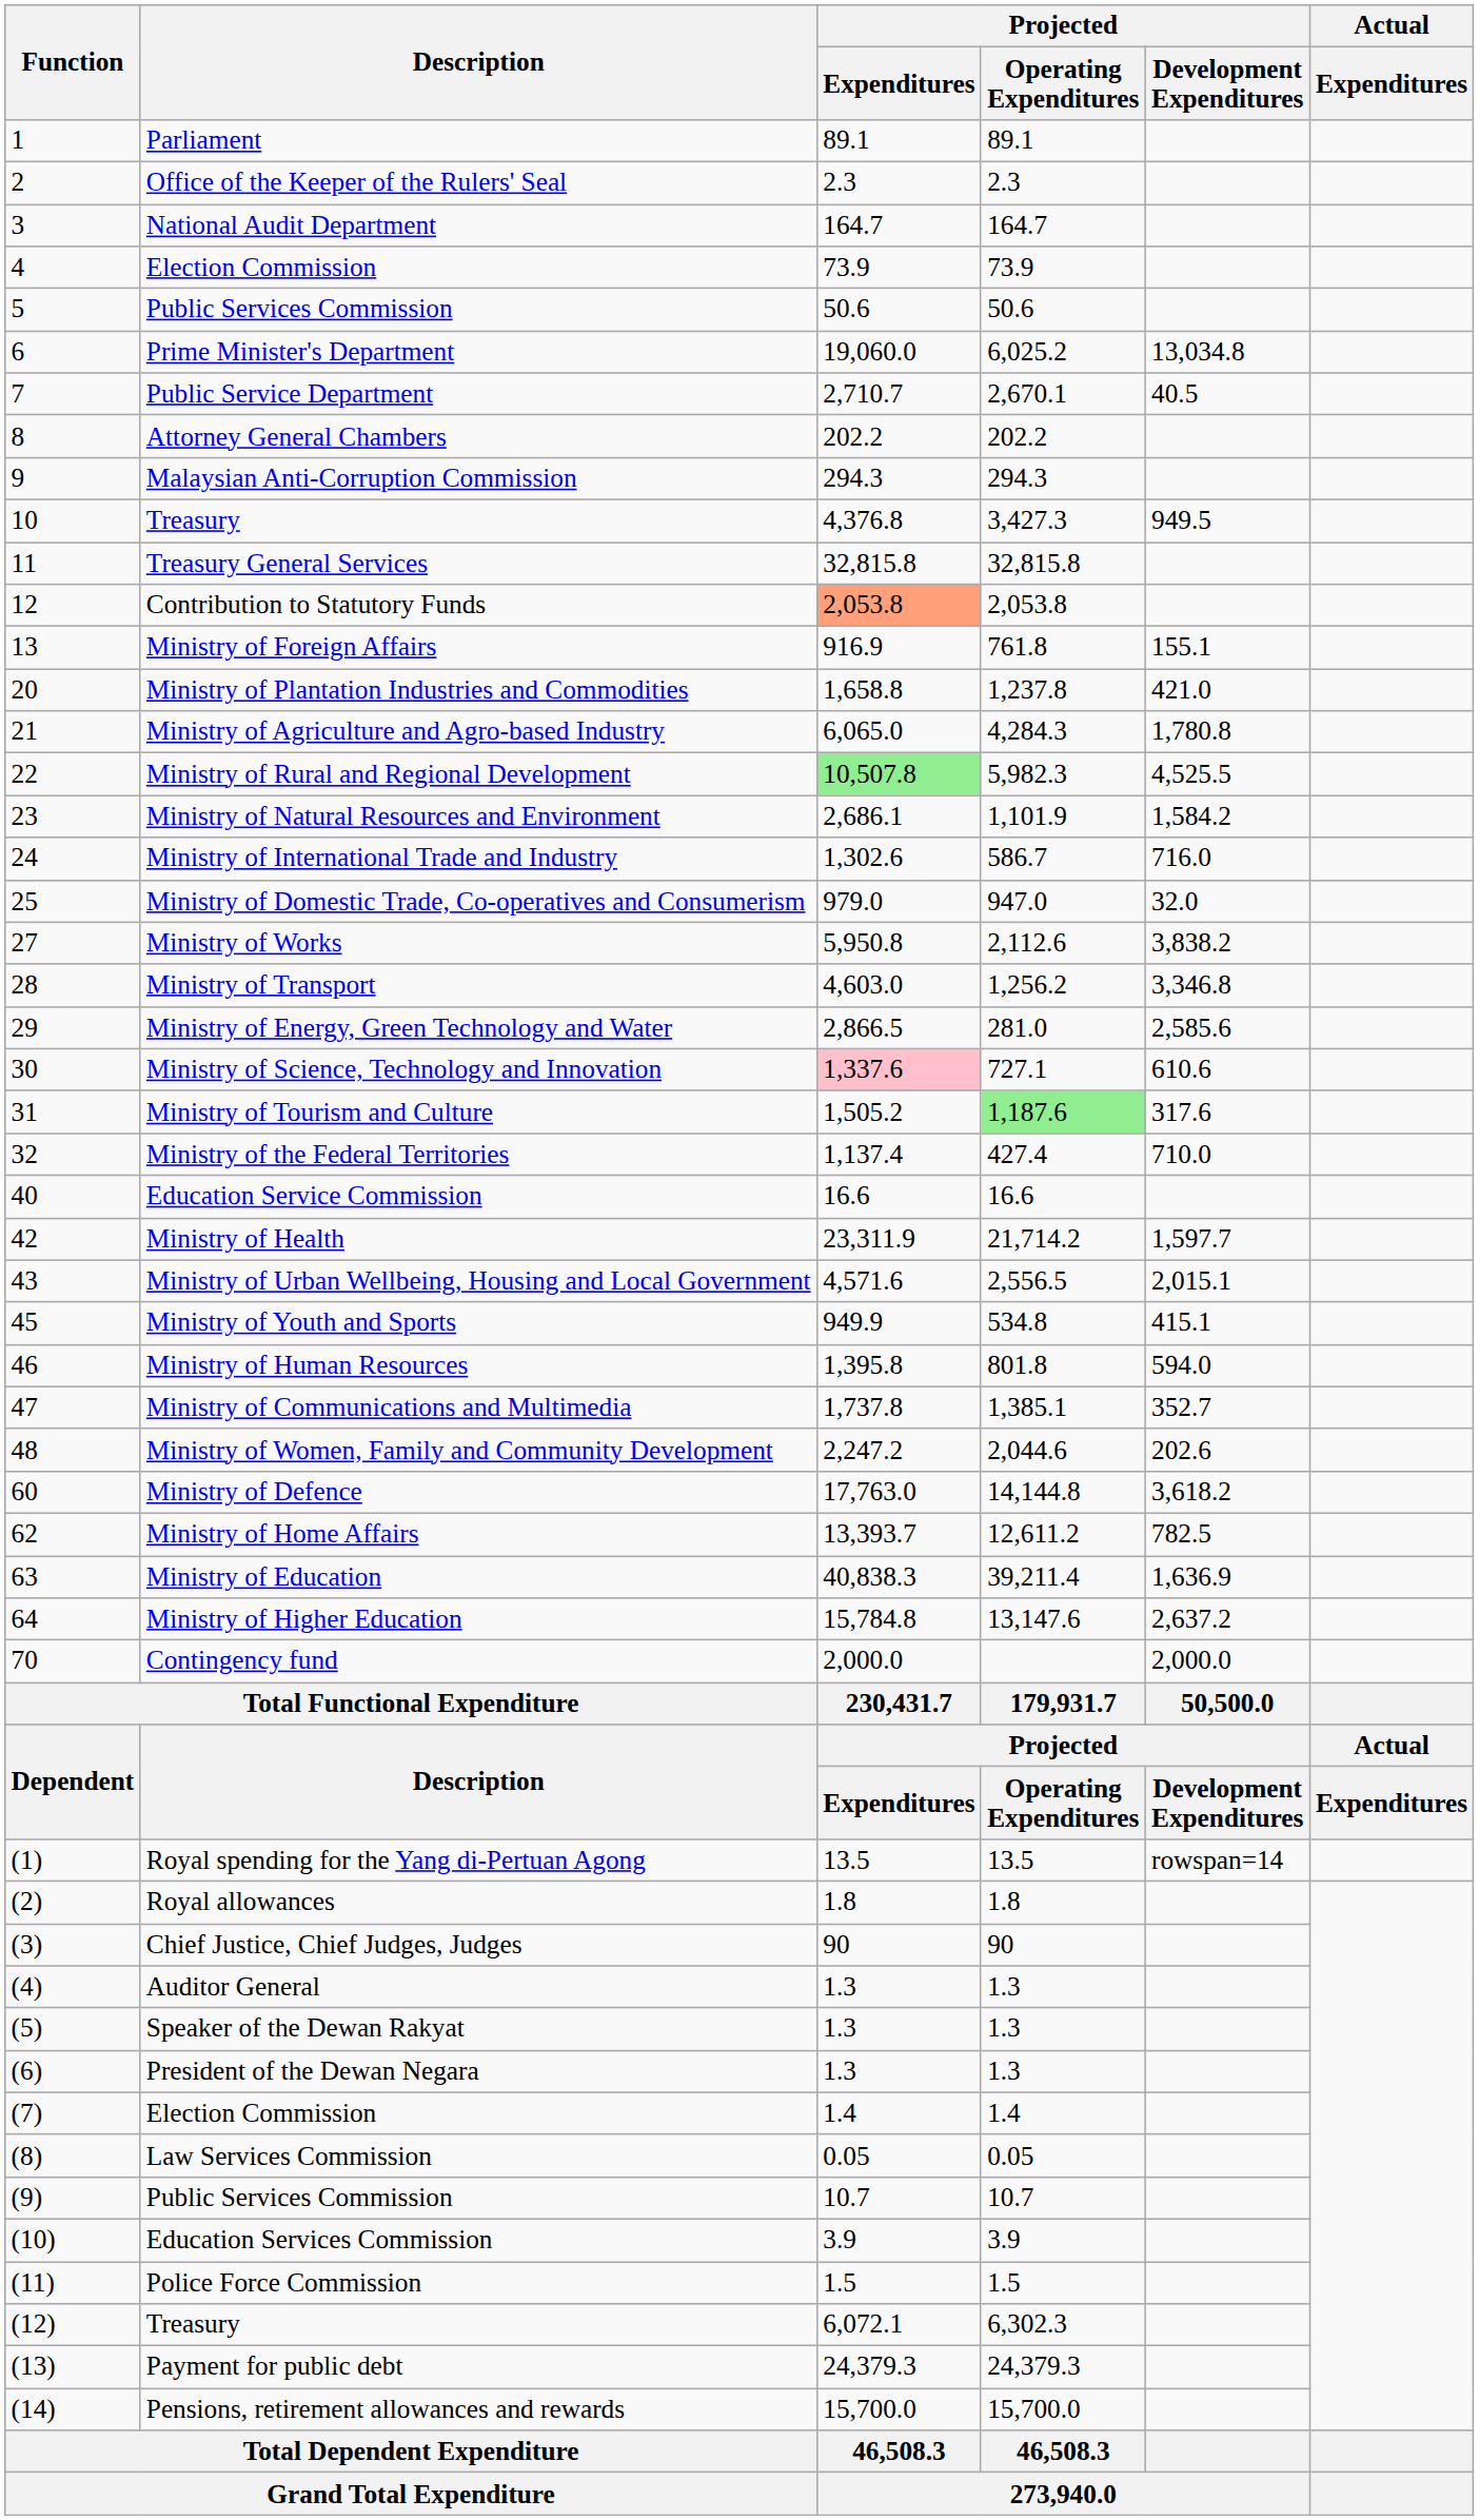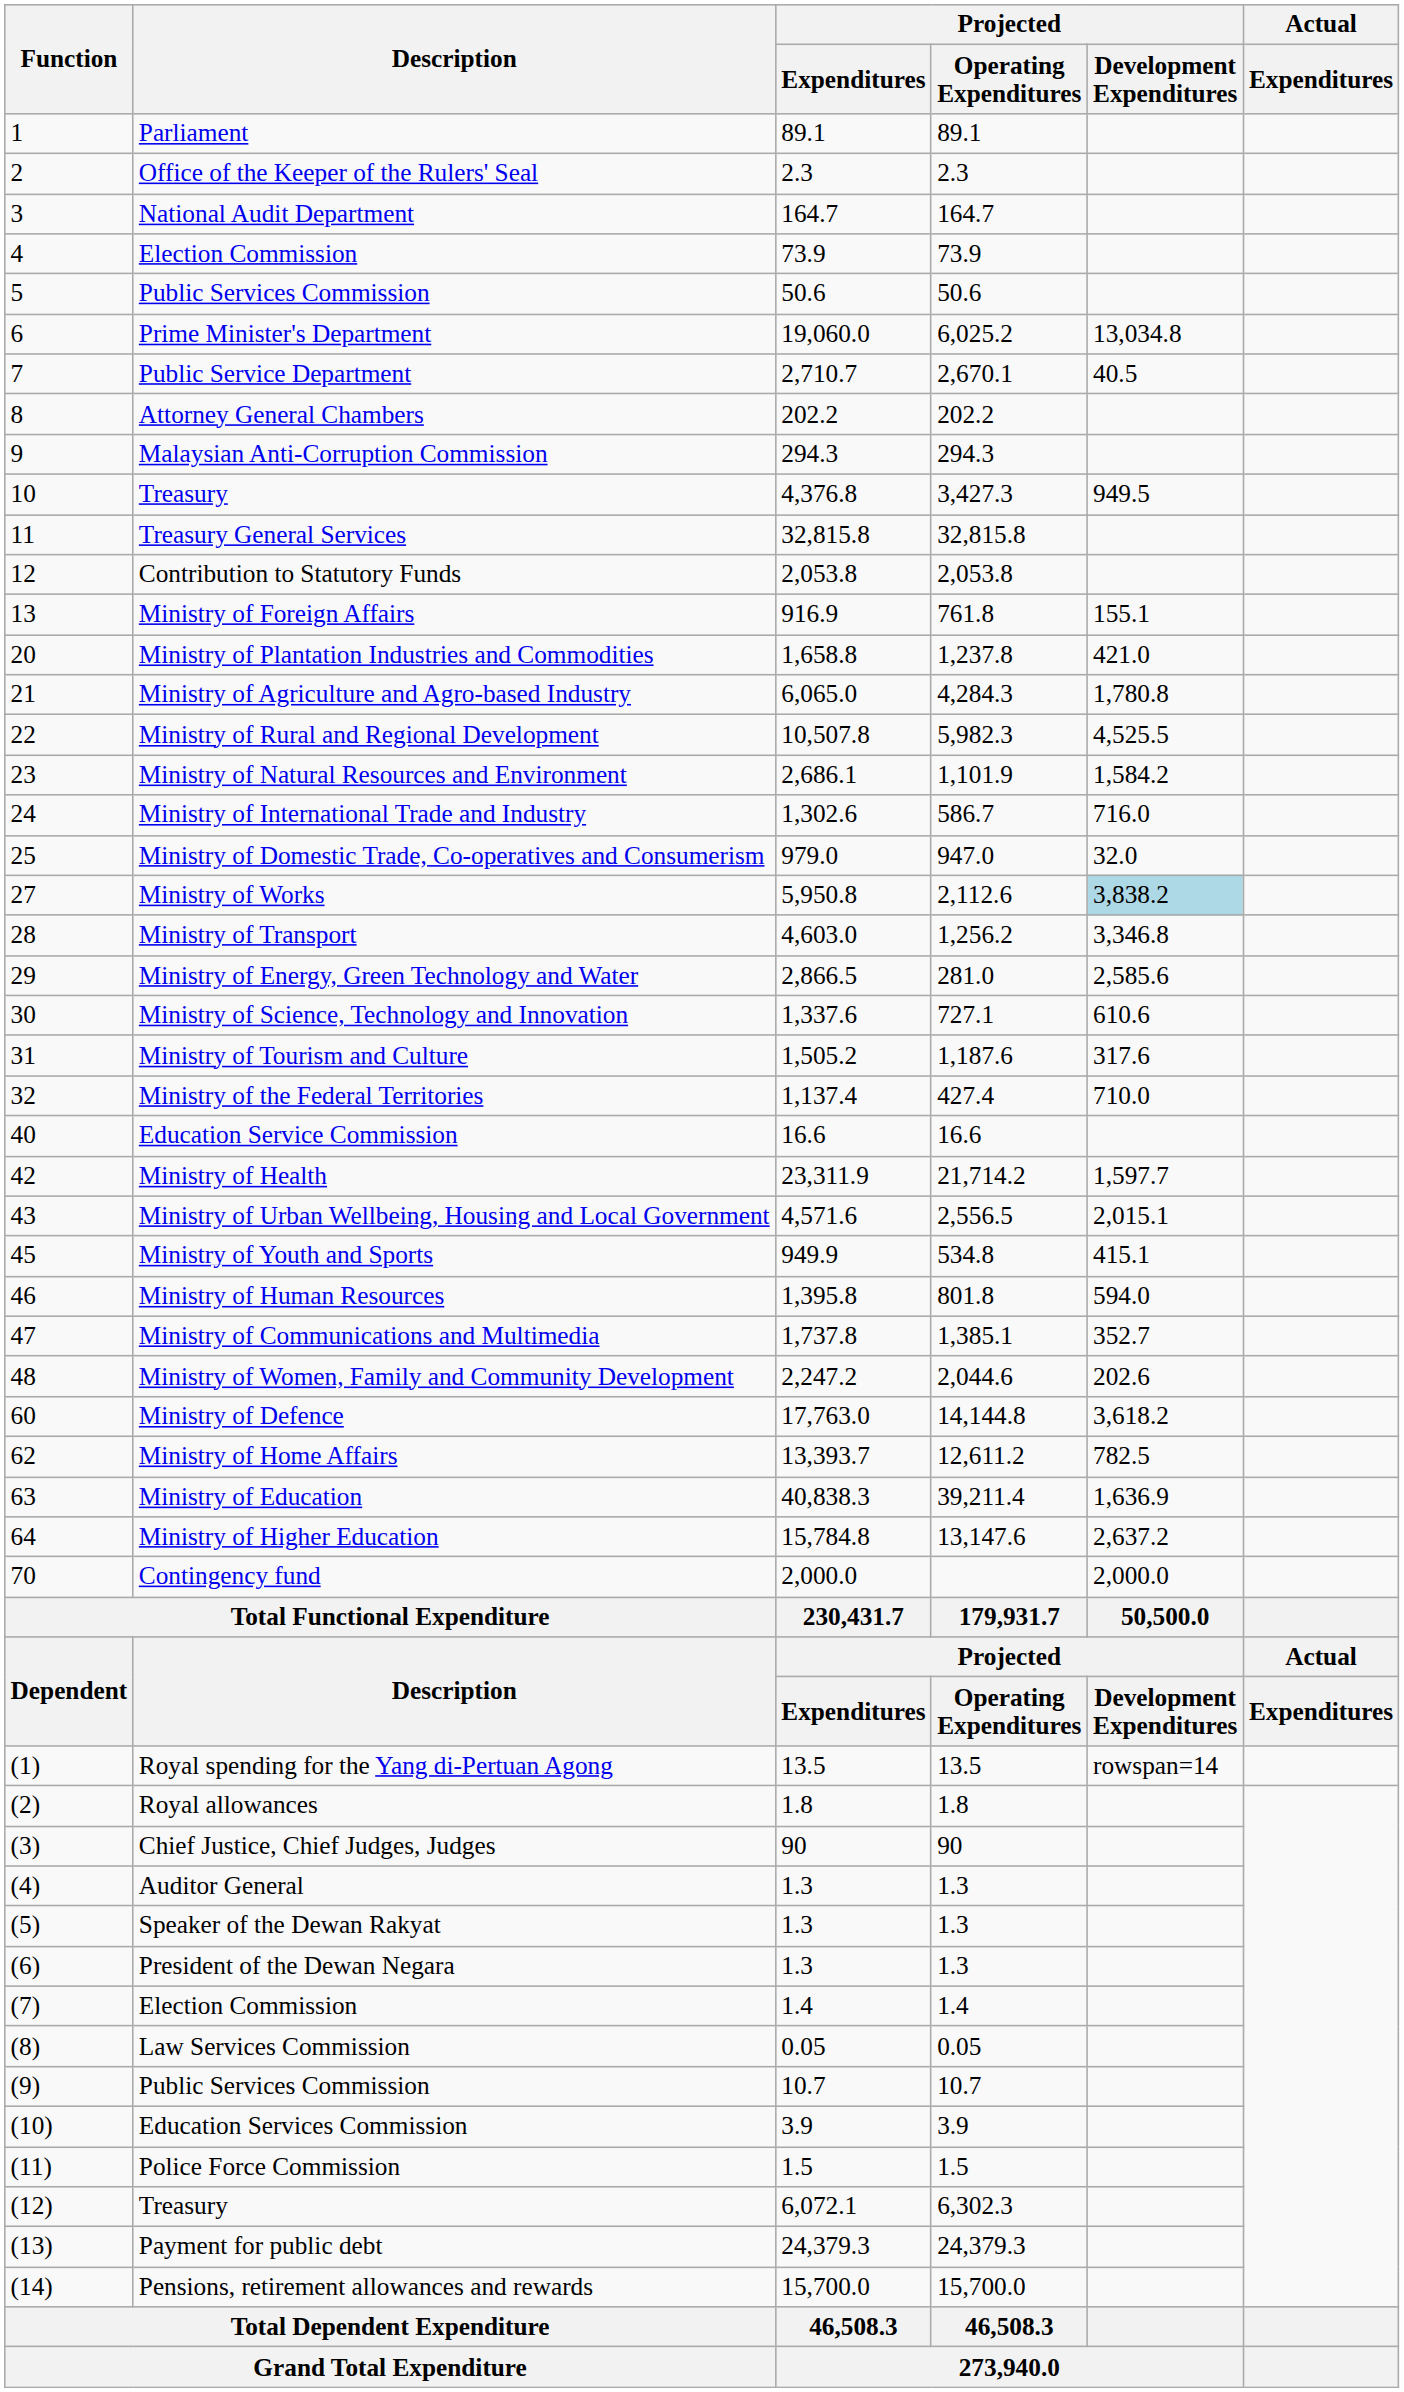 <table class="wikitable sortable">
 <tr>
 <th rowspan=2 data-sort-type="number">Function</th>
 <th rowspan=2>Description</th>
 <th colspan=3>Projected</th>
 <th>Actual</th>
 </tr>
 <tr>
 <th data-sort-type="number">Expenditures</th>
 <th data-sort-type="number">Operating<br>Expenditures</th>
 <th data-sort-type="number">Development<br>Expenditures</th>
 <th data-sort-type="number">Expenditures</th>
 </tr>
 <tr>
 <td>1</td>
 <td><a href='#'>Parliament</a></td>
 <td>89.1</td>
 <td>89.1</td>
 <td></td>
 <td></td>
 </tr>
 <tr>
 <td>2</td>
 <td><a href='#'>Office of the Keeper of the Rulers' Seal</a></td>
 <td>2.3</td>
 <td>2.3</td>
 <td></td>
 <td></td>
 </tr>
 <tr>
 <td>3</td>
 <td><a href='#'>National Audit Department</a></td>
 <td>164.7</td>
 <td>164.7</td>
 <td></td>
 <td></td>
 </tr>
 <tr>
 <td>4</td>
 <td><a href='#'>Election Commission</a></td>
 <td>73.9</td>
 <td>73.9</td>
 <td></td>
 <td></td>
 </tr>
 <tr>
 <td>5</td>
 <td><a href='#'>Public Services Commission</a></td>
 <td>50.6</td>
 <td>50.6</td>
 <td></td>
 <td></td>
 </tr>
 <tr>
 <td>6</td>
 <td><a href='#'>Prime Minister's Department</a></td>
 <td>19,060.0</td>
 <td>6,025.2</td>
 <td>13,034.8</td>
 <td></td>
 </tr>
 <tr>
 <td>7</td>
 <td><a href='#'>Public Service Department</a></td>
 <td>2,710.7</td>
 <td>2,670.1</td>
 <td>40.5</td>
 <td></td>
 </tr>
 <tr>
 <td>8</td>
 <td><a href='#'>Attorney General Chambers</a></td>
 <td>202.2</td>
 <td>202.2</td>
 <td></td>
 <td></td>
 </tr>
 <tr>
 <td>9</td>
 <td><a href='#'>Malaysian Anti-Corruption Commission</a></td>
 <td>294.3</td>
 <td>294.3</td>
 <td></td>
 <td></td>
 </tr>
 <tr>
 <td>10</td>
 <td><a href='#'>Treasury</a></td>
 <td>4,376.8</td>
 <td>3,427.3</td>
 <td>949.5</td>
 <td></td>
 </tr>
 <tr>
 <td>11</td>
 <td><a href='#'>Treasury General Services</a></td>
 <td>32,815.8</td>
 <td>32,815.8</td>
 <td></td>
 <td></td>
 </tr>
 <tr>
 <td>12</td>
 <td>Contribution to Statutory Funds</td>
-<td style="background: lightsalmon;">2,053.8</td>
+<td>2,053.8</td>
 <td>2,053.8</td>
 <td></td>
 <td></td>
 </tr>
 <tr>
 <td>13</td>
 <td><a href='#'>Ministry of Foreign Affairs</a></td>
 <td>916.9</td>
 <td>761.8</td>
 <td>155.1</td>
 <td></td>
 </tr>
 <tr>
 <td>20</td>
 <td><a href='#'>Ministry of Plantation Industries and Commodities</a></td>
 <td>1,658.8</td>
 <td>1,237.8</td>
 <td>421.0</td>
 <td></td>
 </tr>
 <tr>
 <td>21</td>
 <td><a href='#'>Ministry of Agriculture and Agro-based Industry</a></td>
 <td>6,065.0</td>
 <td>4,284.3</td>
 <td>1,780.8</td>
 <td></td>
 </tr>
 <tr>
 <td>22</td>
 <td><a href='#'>Ministry of Rural and Regional Development</a></td>
-<td style="background: lightgreen;">10,507.8</td>
+<td>10,507.8</td>
 <td>5,982.3</td>
 <td>4,525.5</td>
 <td></td>
 </tr>
 <tr>
 <td>23</td>
 <td><a href='#'>Ministry of Natural Resources and Environment</a></td>
 <td>2,686.1</td>
 <td>1,101.9</td>
 <td>1,584.2</td>
 <td></td>
 </tr>
 <tr>
 <td>24</td>
 <td><a href='#'>Ministry of International Trade and Industry</a></td>
 <td>1,302.6</td>
 <td>586.7</td>
 <td>716.0</td>
 <td></td>
 </tr>
 <tr>
 <td>25</td>
 <td><a href='#'>Ministry of Domestic Trade, Co-operatives and Consumerism</a></td>
 <td>979.0</td>
 <td>947.0</td>
 <td>32.0</td>
 <td></td>
 </tr>
 <tr>
 <td>27</td>
 <td><a href='#'>Ministry of Works</a></td>
 <td>5,950.8</td>
 <td>2,112.6</td>
-<td>3,838.2</td>
+<td style="background: lightblue;">3,838.2</td>
 <td></td>
 </tr>
 <tr>
 <td>28</td>
 <td><a href='#'>Ministry of Transport</a></td>
 <td>4,603.0</td>
 <td>1,256.2</td>
 <td>3,346.8</td>
 <td></td>
 </tr>
 <tr>
 <td>29</td>
 <td><a href='#'>Ministry of Energy, Green Technology and Water</a></td>
 <td>2,866.5</td>
 <td>281.0</td>
 <td>2,585.6</td>
 <td></td>
 </tr>
 <tr>
 <td>30</td>
 <td><a href='#'>Ministry of Science, Technology and Innovation</a></td>
-<td style="background: pink;">1,337.6</td>
+<td>1,337.6</td>
 <td>727.1</td>
 <td>610.6</td>
 <td></td>
 </tr>
 <tr>
 <td>31</td>
 <td><a href='#'>Ministry of Tourism and Culture</a></td>
 <td>1,505.2</td>
-<td style="background: lightgreen;">1,187.6</td>
+<td>1,187.6</td>
 <td>317.6</td>
 <td></td>
 </tr>
 <tr>
 <td>32</td>
 <td><a href='#'>Ministry of the Federal Territories</a></td>
 <td>1,137.4</td>
 <td>427.4</td>
 <td>710.0</td>
 <td></td>
 </tr>
 <tr>
 <td>40</td>
 <td><a href='#'>Education Service Commission</a></td>
 <td>16.6</td>
 <td>16.6</td>
 <td></td>
 <td></td>
 </tr>
 <tr>
 <td>42</td>
 <td><a href='#'>Ministry of Health</a></td>
 <td>23,311.9</td>
 <td>21,714.2</td>
 <td>1,597.7</td>
 <td></td>
 </tr>
 <tr>
 <td>43</td>
 <td><a href='#'>Ministry of Urban Wellbeing, Housing and Local Government</a></td>
 <td>4,571.6</td>
 <td>2,556.5</td>
 <td>2,015.1</td>
 <td></td>
 </tr>
 <tr>
 <td>45</td>
 <td><a href='#'>Ministry of Youth and Sports</a></td>
 <td>949.9</td>
 <td>534.8</td>
 <td>415.1</td>
 <td></td>
 </tr>
 <tr>
 <td>46</td>
 <td><a href='#'>Ministry of Human Resources</a></td>
 <td>1,395.8</td>
 <td>801.8</td>
 <td>594.0</td>
 <td></td>
 </tr>
 <tr>
 <td>47</td>
 <td><a href='#'>Ministry of Communications and Multimedia</a></td>
 <td>1,737.8</td>
 <td>1,385.1</td>
 <td>352.7</td>
 <td></td>
 </tr>
 <tr>
 <td>48</td>
 <td><a href='#'>Ministry of Women, Family and Community Development</a></td>
 <td>2,247.2</td>
 <td>2,044.6</td>
 <td>202.6</td>
 <td></td>
 </tr>
 <tr>
 <td>60</td>
 <td><a href='#'>Ministry of Defence</a></td>
 <td>17,763.0</td>
 <td>14,144.8</td>
 <td>3,618.2</td>
 <td></td>
 </tr>
 <tr>
 <td>62</td>
 <td><a href='#'>Ministry of Home Affairs</a></td>
 <td>13,393.7</td>
 <td>12,611.2</td>
 <td>782.5</td>
 <td></td>
 </tr>
 <tr>
 <td>63</td>
 <td><a href='#'>Ministry of Education</a></td>
 <td>40,838.3</td>
 <td>39,211.4</td>
 <td>1,636.9</td>
 <td></td>
 </tr>
 <tr>
 <td>64</td>
 <td><a href='#'>Ministry of Higher Education</a></td>
 <td>15,784.8</td>
 <td>13,147.6</td>
 <td>2,637.2</td>
 <td></td>
 </tr>
 <tr>
 <td>70</td>
 <td><a href='#'>Contingency fund</a></td>
 <td>2,000.0</td>
 <td></td>
 <td>2,000.0</td>
 <td></td>
 </tr>
 <tr>
 <th align=right colspan=2>Total Functional Expenditure</th>
 <th>230,431.7</th>
 <th>179,931.7</th>
 <th>50,500.0</th>
 <th></th>
 </tr>
 <tr>
 <th rowspan=2>Dependent</th>
 <th rowspan=2>Description</th>
 <th colspan=3>Projected</th>
 <th>Actual</th>
 </tr>
 <tr>
 <th>Expenditures</th>
 <th>Operating<br>Expenditures</th>
 <th>Development<br>Expenditures</th>
 <th>Expenditures</th>
 </tr>
 <tr>
 <td>(1)</td>
 <td>Royal spending for the <a href='#'>Yang di-Pertuan Agong</a></td>
 <td>13.5</td>
 <td>13.5</td>
 <td>rowspan=14 </td>
 <td></td>
 </tr>
 <tr>
 <td>(2)</td>
 <td>Royal allowances</td>
 <td>1.8</td>
 <td>1.8</td>
 <td></td>
 </tr>
 <tr>
 <td>(3)</td>
 <td>Chief Justice, Chief Judges, Judges</td>
 <td>90</td>
 <td>90</td>
 <td></td>
 </tr>
 <tr>
 <td>(4)</td>
 <td>Auditor General</td>
 <td>1.3</td>
 <td>1.3</td>
 <td></td>
 </tr>
 <tr>
 <td>(5)</td>
 <td>Speaker of the Dewan Rakyat</td>
 <td>1.3</td>
 <td>1.3</td>
 <td></td>
 </tr>
 <tr>
 <td>(6)</td>
 <td>President of the Dewan Negara</td>
 <td>1.3</td>
 <td>1.3</td>
 <td></td>
 </tr>
 <tr>
 <td>(7)</td>
 <td>Election Commission</td>
 <td>1.4</td>
 <td>1.4</td>
 <td></td>
 </tr>
 <tr>
 <td>(8)</td>
 <td>Law Services Commission</td>
 <td>0.05</td>
 <td>0.05</td>
 <td></td>
 </tr>
 <tr>
 <td>(9)</td>
 <td>Public Services Commission</td>
 <td>10.7</td>
 <td>10.7</td>
 <td></td>
 </tr>
 <tr>
 <td>(10)</td>
 <td>Education Services Commission</td>
 <td>3.9</td>
 <td>3.9</td>
 <td></td>
 </tr>
 <tr>
 <td>(11)</td>
 <td>Police Force Commission</td>
 <td>1.5</td>
 <td>1.5</td>
 <td></td>
 </tr>
 <tr>
 <td>(12)</td>
 <td>Treasury</td>
 <td>6,072.1</td>
 <td>6,302.3</td>
 <td></td>
 </tr>
 <tr>
 <td>(13)</td>
 <td>Payment for public debt</td>
 <td>24,379.3</td>
 <td>24,379.3</td>
 <td></td>
 </tr>
 <tr>
 <td>(14)</td>
 <td>Pensions, retirement allowances and rewards</td>
 <td>15,700.0</td>
 <td>15,700.0</td>
 <td></td>
 </tr>
 <tr>
 <th align=right colspan=2>Total Dependent Expenditure</th>
 <th>46,508.3</th>
 <th>46,508.3</th>
 <th></th>
 <th></th>
 </tr>
 <tr>
 <th align=right colspan=2>Grand Total Expenditure</th>
 <th colspan=3>273,940.0</th>
 <th></th>
 </tr>
 </table>
